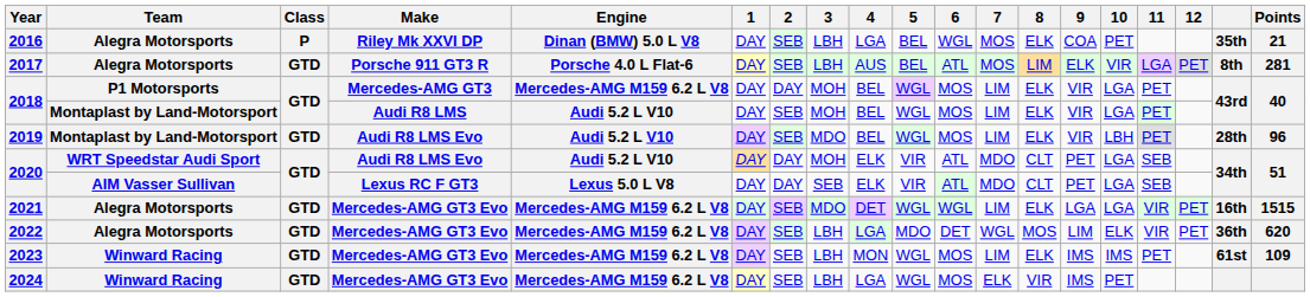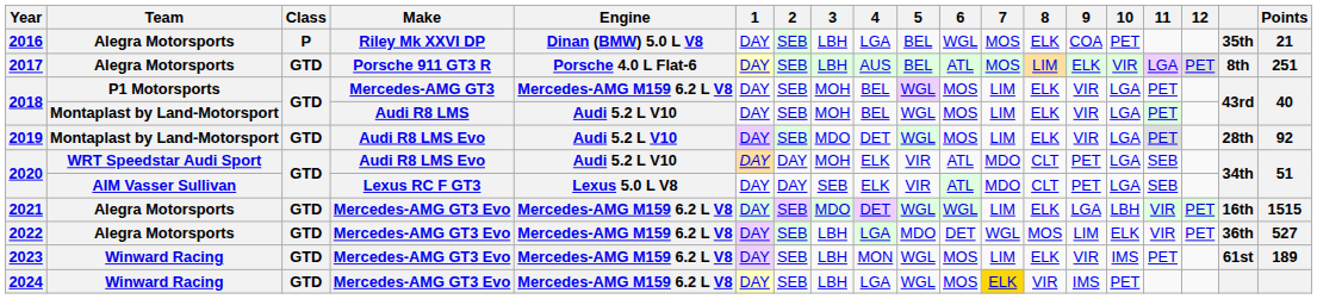 <table class="wikitable" style="text-align:center; font-size:85%">
 <tr>
 <th>Year</th>
 <th>Team</th>
 <th>Class</th>
 <th>Make</th>
 <th>Engine</th>
 <th>1</th>
 <th>2</th>
 <th>3</th>
 <th>4</th>
 <th>5</th>
 <th>6</th>
 <th>7</th>
 <th>8</th>
 <th>9</th>
 <th>10</th>
 <th>11</th>
 <th>12</th>
 <th></th>
 <th>Points</th>
 </tr>
 <tr>
 <th><a href='#'>2016</a></th>
 <th nowrap>Alegra Motorsports</th>
 <th>P</th>
 <th nowrap><a href='#'>Riley Mk XXVI DP</a></th>
 <th nowrap><a href='#'>Dinan</a> (<a href='#'>BMW</a>) 5.0 L <a href='#'>V8</a></th>
 <td style="background:#;"><a href='#'>DAY</a><br></td>
 <td style="background:#DFFFDF;"><a href='#'>SEB</a><br></td>
 <td style="background:#;"><a href='#'>LBH</a><br></td>
 <td style="background:#;"><a href='#'>LGA</a><br></td>
 <td style="background:#;"><a href='#'>BEL</a><br></td>
 <td style="background:#;"><a href='#'>WGL</a><br></td>
 <td style="background:#;"><a href='#'>MOS</a><br></td>
 <td style="background:#;"><a href='#'>ELK</a><br></td>
 <td style="background:#;"><a href='#'>COA</a><br></td>
 <td style="background:#;"><a href='#'>PET</a><br></td>
 <td></td>
 <td></td>
 <th>35th</th>
 <th>21</th>
 </tr>
 <tr>
 <th><a href='#'>2017</a></th>
 <th nowrap>Alegra Motorsports</th>
 <th>GTD</th>
 <th nowrap><a href='#'>Porsche 911 GT3 R</a></th>
 <th nowrap><a href='#'>Porsche</a> 4.0 L Flat-6</th>
 <td style="background:#FFFFBF;"><a href='#'>DAY</a><br></td>
 <td style="background:#DFFFDF;"><a href='#'>SEB</a><br></td>
 <td style="background:#DFFFDF;"><a href='#'>LBH</a><br></td>
 <td style="background:#DFFFDF;"><a href='#'>AUS</a><br></td>
 <td style="background:#DFFFDF;"><a href='#'>BEL</a><br></td>
 <td style="background:#DFFFDF;"><a href='#'>ATL</a><br></td>
 <td style="background:#DFFFDF;"><a href='#'>MOS</a><br></td>
 <td style="background:#FFDF9F;"><a href='#'>LIM</a><br></td>
 <td style="background:#DFFFDF;"><a href='#'>ELK</a><br></td>
 <td style="background:#DFFFDF;"><a href='#'>VIR</a><br></td>
 <td style="background:#EFCFFF;"><a href='#'>LGA</a><br></td>
 <td style="background:#DFDFDF;"><a href='#'>PET</a><br></td>
 <th>8th</th>
-<th>281</th>
+<th>251</th>
 </tr>
 <tr>
 <th rowspan=2><a href='#'>2018</a></th>
 <th nowrap>P1 Motorsports</th>
 <th rowspan=2>GTD</th>
 <th nowrap><a href='#'>Mercedes-AMG GT3</a></th>
 <th nowrap><a href='#'>Mercedes-AMG M159</a> 6.2 L <a href='#'>V8</a></th>
 <td style="background:#;"><a href='#'>DAY</a><br></td>
-<td style="background:#;"><a href='#'>DAY</a><br></td>
+<td style="background:#;"><a href='#'>SEB</a><br></td>
 <td style="background:#;"><a href='#'>MOH</a><br></td>
 <td style="background:#;"><a href='#'>BEL</a><br></td>
 <td style="background:#EFCFFF;"><a href='#'>WGL</a><br></td>
 <td style="background:#;"><a href='#'>MOS</a><br></td>
 <td style="background:#;"><a href='#'>LIM</a><br></td>
 <td style="background:#;"><a href='#'>ELK</a><br></td>
 <td style="background:#;"><a href='#'>VIR</a><br></td>
 <td style="background:#;"><a href='#'>LGA</a><br></td>
 <td style="background:#;"><a href='#'>PET</a><br></td>
 <td></td>
 <th rowspan=2>43rd</th>
 <th rowspan=2>40</th>
 </tr>
 <tr>
 <th nowrap>Montaplast by Land-Motorsport</th>
 <th nowrap><a href='#'>Audi R8 LMS</a></th>
 <th nowrap><a href='#'>Audi</a> 5.2 L V10</th>
 <td style="background:#;"><a href='#'>DAY</a><br></td>
 <td style="background:#;"><a href='#'>SEB</a><br></td>
 <td style="background:#;"><a href='#'>MOH</a><br></td>
 <td style="background:#;"><a href='#'>BEL</a><br></td>
 <td style="background:#;"><a href='#'>WGL</a><br></td>
 <td style="background:#;"><a href='#'>MOS</a><br></td>
 <td style="background:#;"><a href='#'>LIM</a><br></td>
 <td style="background:#;"><a href='#'>ELK</a><br></td>
 <td style="background:#;"><a href='#'>VIR</a><br></td>
 <td style="background:#;"><a href='#'>LGA</a><br></td>
 <td style="background:#DFFFDF;"><a href='#'>PET</a><br></td>
 </tr>
 <tr>
 <th><a href='#'>2019</a></th>
 <th nowrap>Montaplast by Land-Motorsport</th>
 <th>GTD</th>
 <th nowrap><a href='#'>Audi R8 LMS Evo</a></th>
 <th nowrap><a href='#'>Audi</a> 5.2 L <a href='#'>V10</a></th>
 <td style="background:#EFCFFF;"><a href='#'>DAY</a><br></td>
 <td style="background:#DFFFDF;"><a href='#'>SEB</a><br></td>
 <td style="background:#;"><a href='#'>MDO</a><br></td>
-<td style="background:#;"><a href='#'>BEL</a><br></td>
+<td style="background:#;"><a href='#'>DET</a><br></td>
 <td style="background:#DFFFDF;"><a href='#'>WGL</a><br></td>
 <td style="background:#;"><a href='#'>MOS</a><br></td>
 <td style="background:#;"><a href='#'>LIM</a><br></td>
 <td style="background:#;"><a href='#'>ELK</a><br></td>
 <td style="background:#;"><a href='#'>VIR</a><br></td>
-<td style="background:#;"><a href='#'>LBH</a><br></td>
+<td style="background:#;"><a href='#'>LGA</a><br></td>
 <td style="background:#DFDFDF;"><a href='#'>PET</a><br></td>
 <td></td>
 <th>28th</th>
-<th>96</th>
+<th>92</th>
 </tr>
 <tr>
 <th rowspan=2><a href='#'>2020</a></th>
 <th nowrap><a href='#'>WRT Speedstar Audi Sport</a></th>
 <th rowspan=2>GTD</th>
 <th nowrap><a href='#'>Audi R8 LMS Evo</a></th>
 <th nowrap><a href='#'>Audi</a> 5.2 L V10</th>
 <td style="background:#FFDF9F;"><em><a href='#'>DAY</a></em><br></td>
 <td style="background:#;"><a href='#'>DAY</a><br></td>
 <td style="background:#;"><a href='#'>MOH</a><br></td>
 <td style="background:#;"><a href='#'>ELK</a><br></td>
 <td style="background:#;"><a href='#'>VIR</a><br></td>
 <td style="background:#;"><a href='#'>ATL</a><br></td>
 <td style="background:#;"><a href='#'>MDO</a><br></td>
 <td style="background:#;"><a href='#'>CLT</a><br></td>
 <td style="background:#;"><a href='#'>PET</a><br></td>
 <td style="background:#;"><a href='#'>LGA</a><br></td>
 <td style="background:#;"><a href='#'>SEB</a><br></td>
 <td></td>
 <th rowspan=2>34th</th>
 <th rowspan=2>51</th>
 </tr>
 <tr>
 <th nowrap><a href='#'>AIM Vasser Sullivan</a></th>
 <th nowrap><a href='#'>Lexus RC F GT3</a></th>
 <th nowrap><a href='#'>Lexus</a> 5.0 L V8</th>
 <td style="background:#;"><a href='#'>DAY</a><br></td>
 <td style="background:#;"><a href='#'>DAY</a><br></td>
 <td style="background:#;"><a href='#'>SEB</a><br></td>
 <td style="background:#;"><a href='#'>ELK</a><br></td>
 <td style="background:#;"><a href='#'>VIR</a><br></td>
 <td style="background:#DFFFDF;"><a href='#'>ATL</a><br></td>
 <td style="background:#;"><a href='#'>MDO</a><br></td>
 <td style="background:#;"><a href='#'>CLT</a><br></td>
 <td style="background:#;"><a href='#'>PET</a><br></td>
 <td style="background:#;"><a href='#'>LGA</a><br></td>
 <td style="background:#;"><a href='#'>SEB</a><br></td>
 </tr>
 <tr>
 <th><a href='#'>2021</a></th>
 <th nowrap>Alegra Motorsports</th>
 <th>GTD</th>
 <th nowrap><a href='#'>Mercedes-AMG GT3 Evo</a></th>
 <th nowrap><a href='#'>Mercedes-AMG M159</a> 6.2 L <a href='#'>V8</a></th>
 <td style="background:#DFFFDF;"><a href='#'>DAY</a><br></td>
 <td style="background:#EFCFFF;"><a href='#'>SEB</a><br></td>
 <td style="background:#DFFFDF;"><a href='#'>MDO</a><br></td>
 <td style="background:#EFCFFF;"><a href='#'>DET</a><br></td>
 <td style="background:#DFFFDF;"><a href='#'>WGL</a><br></td>
 <td style="background:#DFFFDF;"><a href='#'>WGL</a><br></td>
 <td style="background:#;"><a href='#'>LIM</a><br></td>
 <td style="background:#;"><a href='#'>ELK</a><br></td>
 <td style="background:#;"><a href='#'>LGA</a><br></td>
-<td style="background:#;"><a href='#'>LGA</a><br></td>
+<td style="background:#;"><a href='#'>LBH</a><br></td>
 <td style="background:#DFFFDF;"><a href='#'>VIR</a><br></td>
 <td style="background:#DFFFDF;"><a href='#'>PET</a><br></td>
 <th>16th</th>
 <th>1515</th>
 </tr>
 <tr>
 <th><a href='#'>2022</a></th>
 <th nowrap>Alegra Motorsports</th>
 <th>GTD</th>
 <th nowrap><a href='#'>Mercedes-AMG GT3 Evo</a></th>
 <th nowrap><a href='#'>Mercedes-AMG M159</a> 6.2 L <a href='#'>V8</a></th>
 <td style="background:#EFCFFF;"><a href='#'>DAY</a><br></td>
 <td style="background:#DFFFDF;"><a href='#'>SEB</a><br></td>
 <td style="background:"><a href='#'>LBH</a><br></td>
 <td style="background:#DFFFDF;"><a href='#'>LGA</a><br></td>
 <td style="background:#;”"><a href='#'>MDO</a><br></td>
 <td style="background:#;”"><a href='#'>DET</a><br></td>
 <td style="background:#;”"><a href='#'>WGL</a><br></td>
 <td style="background:#;”"><a href='#'>MOS</a><br></td>
 <td style="background:#;”"><a href='#'>LIM</a><br></td>
 <td style="background:#;”"><a href='#'>ELK</a><br></td>
 <td style="background:#;”"><a href='#'>VIR</a><br></td>
 <td style="background:#;”"><a href='#'>PET</a><br></td>
 <th>36th</th>
-<th>620</th>
+<th>527</th>
 </tr>
 <tr>
 <th><a href='#'>2023</a></th>
 <th nowrap><a href='#'>Winward Racing</a></th>
 <th>GTD</th>
 <th nowrap><a href='#'>Mercedes-AMG GT3 Evo</a></th>
 <th nowrap><a href='#'>Mercedes-AMG M159</a> 6.2 L <a href='#'>V8</a></th>
 <td style="background:#EFCFFF;"><a href='#'>DAY</a><br></td>
 <td><a href='#'>SEB</a><br></td>
 <td><a href='#'>LBH</a><br></td>
 <td><a href='#'>MON</a><br></td>
 <td><a href='#'>WGL</a><br></td>
 <td><a href='#'>MOS</a><br></td>
 <td><a href='#'>LIM</a><br></td>
 <td><a href='#'>ELK</a><br></td>
-<td><a href='#'>IMS</a></td>
+<td><a href='#'>VIR</a><br></td>
 <td><a href='#'>IMS</a></td>
 <td><a href='#'>PET</a><br></td>
 <td></td>
 <th>61st</th>
-<th>109</th>
+<th>189</th>
 </tr>
 <tr>
 <th><a href='#'>2024</a></th>
 <th nowrap><a href='#'>Winward Racing</a></th>
 <th>GTD</th>
 <th nowrap><a href='#'>Mercedes-AMG GT3 Evo</a></th>
 <th nowrap><a href='#'>Mercedes-AMG M159</a> 6.2 L <a href='#'>V8</a></th>
 <td style="background:#FFFFBF;"><a href='#'>DAY</a><br></td>
 <td><a href='#'>SEB</a></td>
 <td><a href='#'>LBH</a></td>
 <td><a href='#'>LGA</a></td>
 <td><a href='#'>WGL</a></td>
 <td><a href='#'>MOS</a></td>
-<td><a href='#'>ELK</a></td>
+<td style="background: gold;"><a href='#'>ELK</a></td>
 <td><a href='#'>VIR</a></td>
 <td><a href='#'>IMS</a></td>
 <td><a href='#'>PET</a></td>
 <td></td>
 <td></td>
 <th></th>
 <th></th>
 </tr>
 </table>
